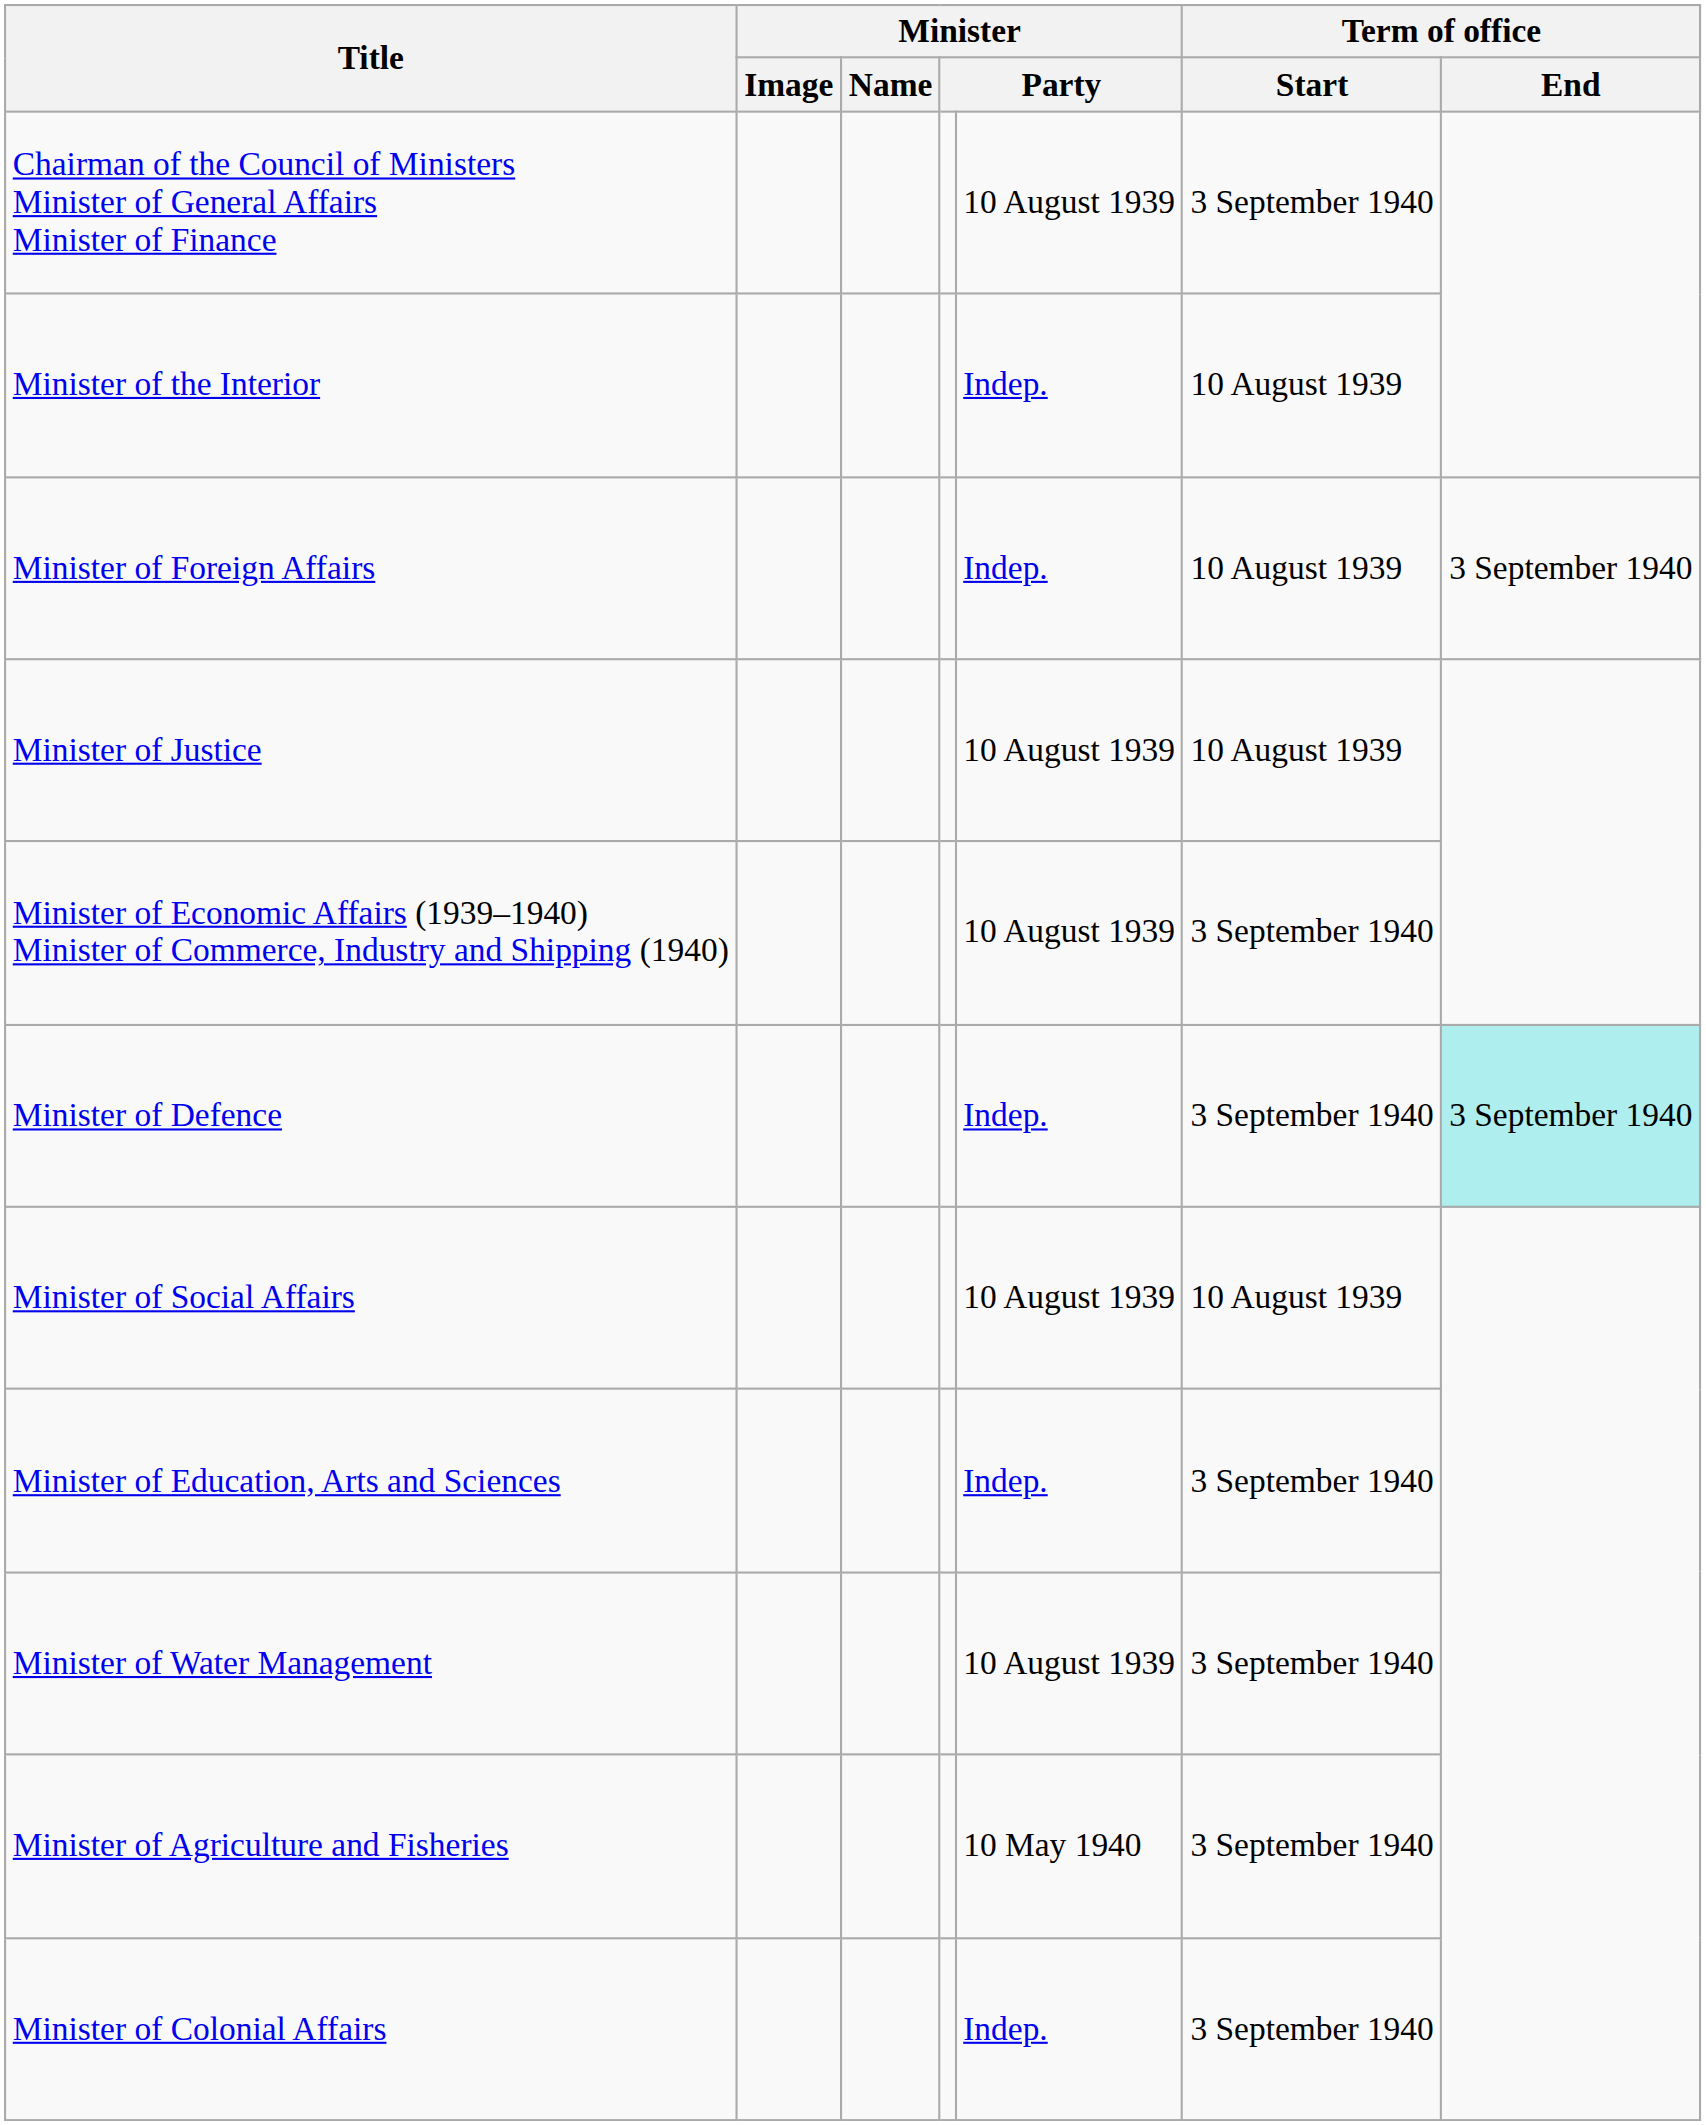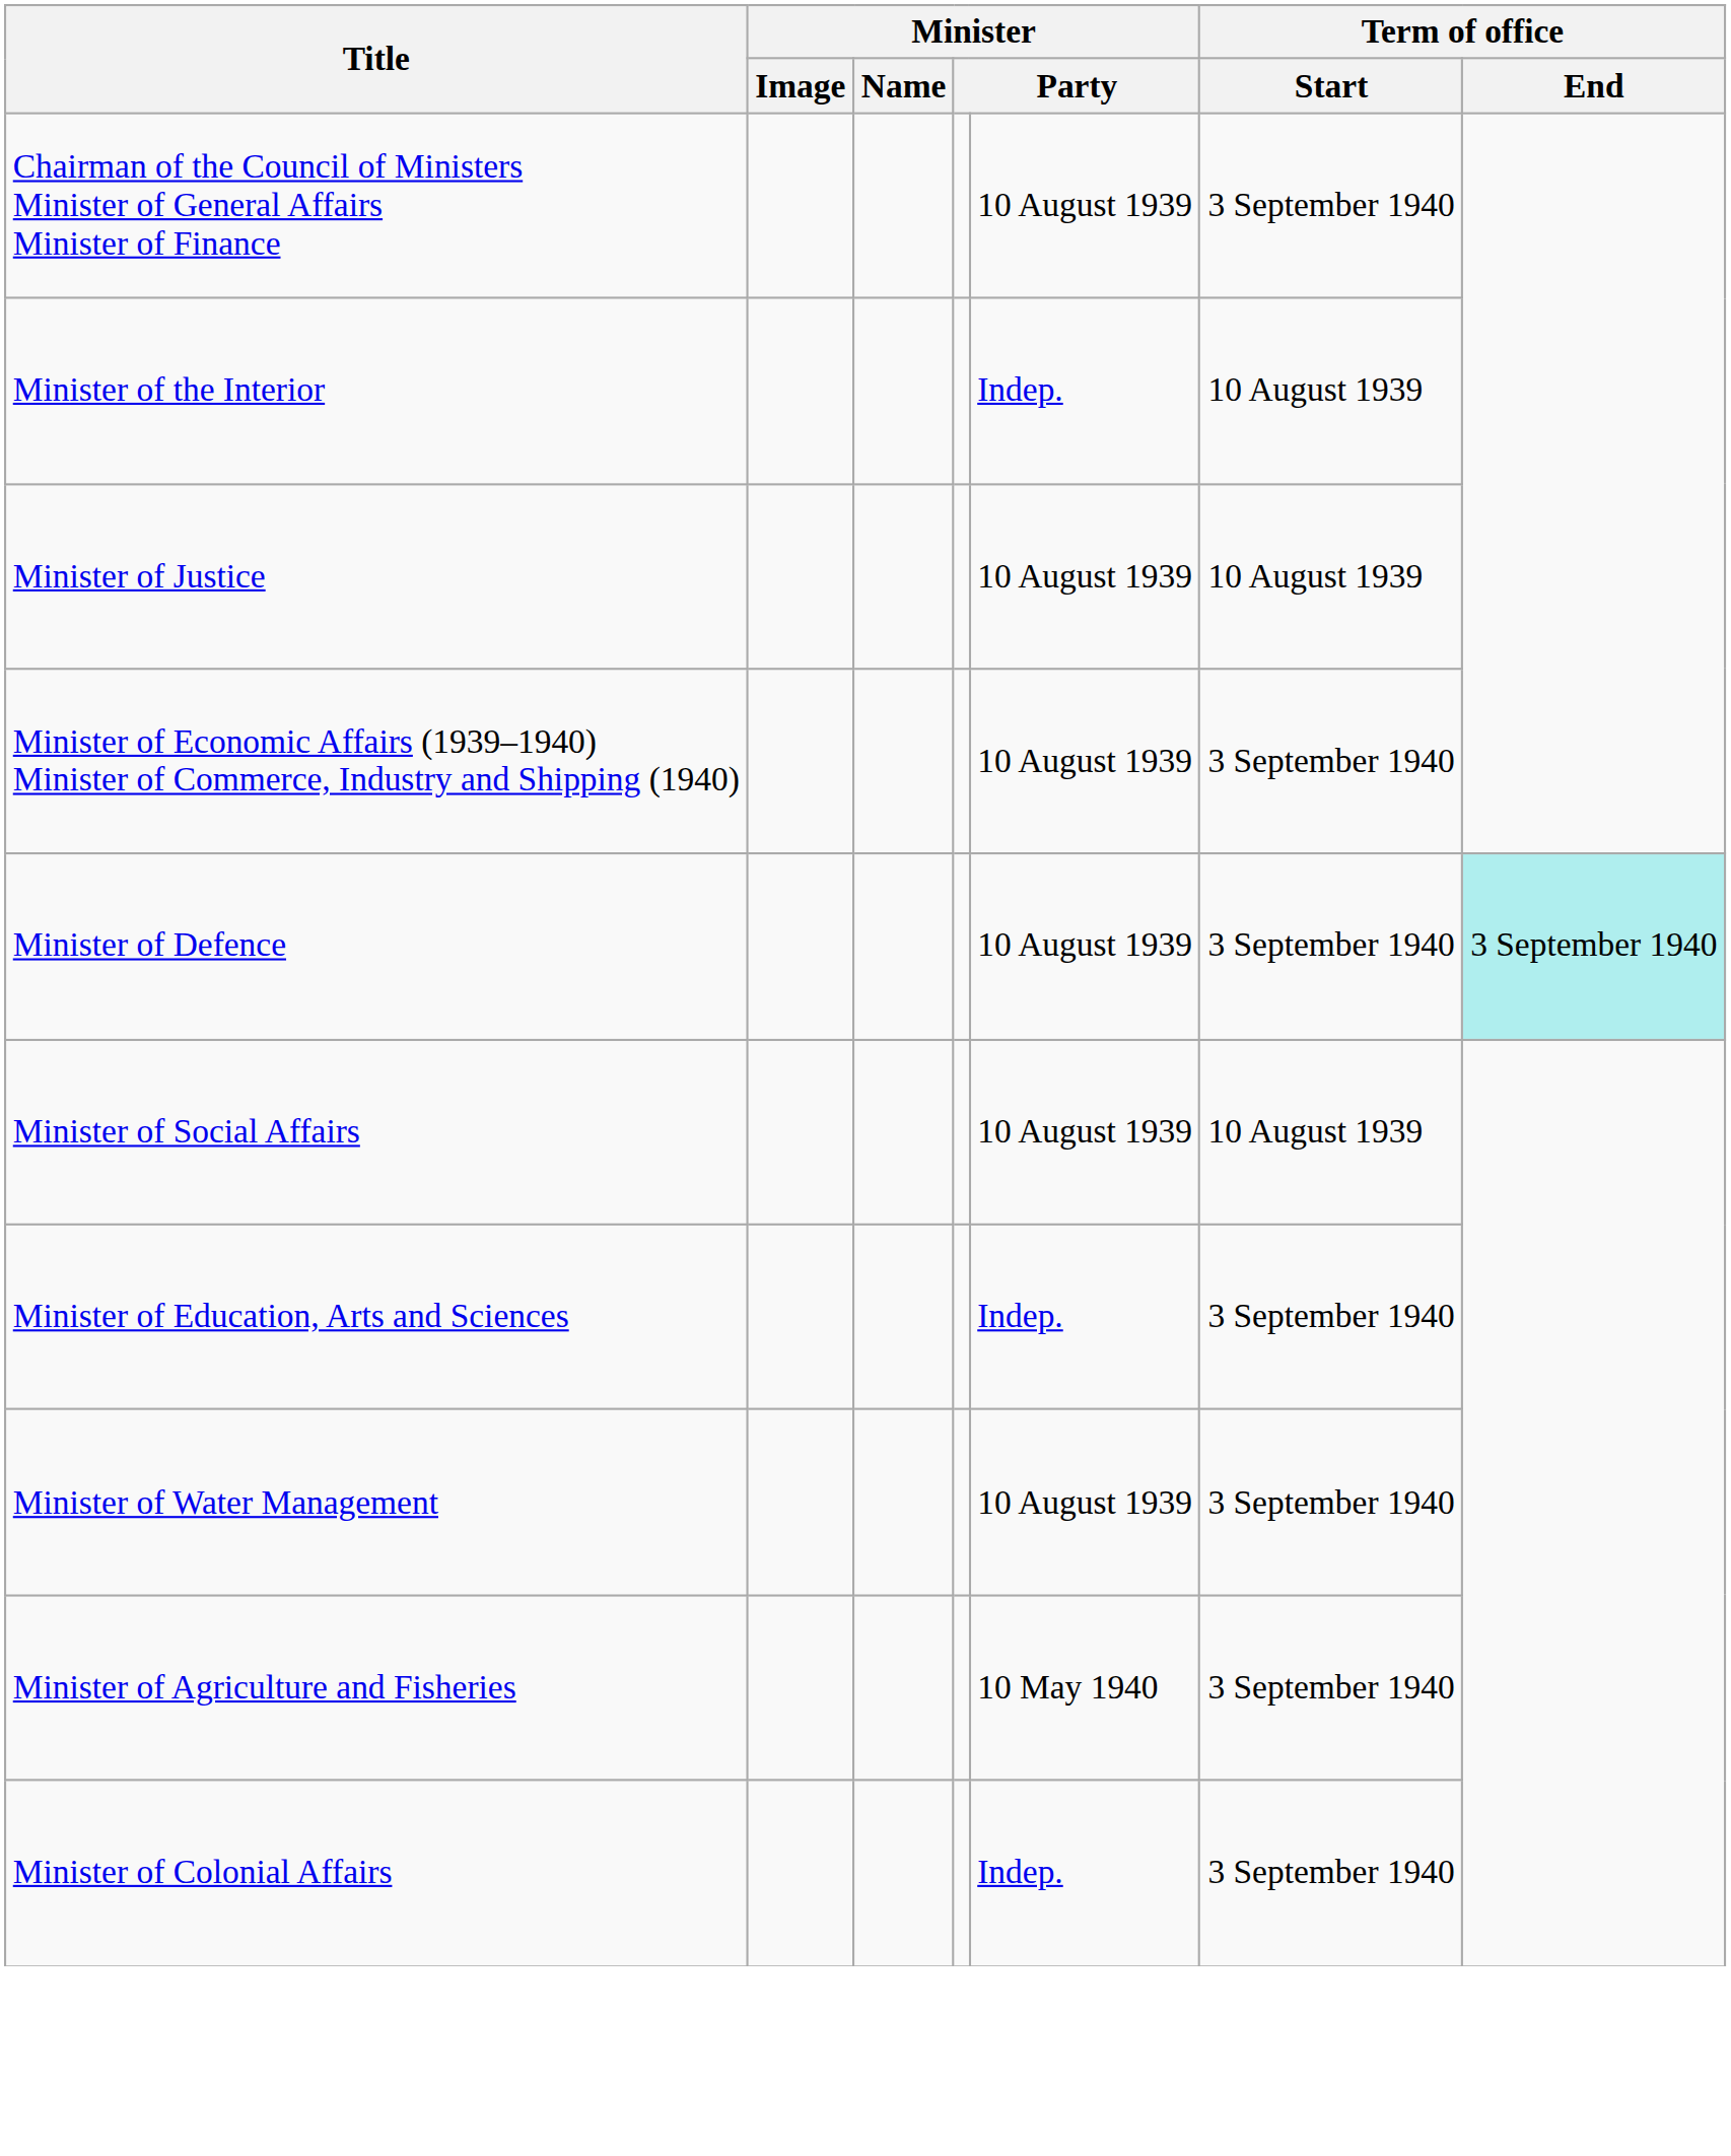 <table class="wikitable sortable" style="text-align:left">
 <tr>
 <th rowspan="2">Title</th>
 <th colspan="4">Minister</th>
 <th colspan="2">Term of office</th>
 </tr>
 <tr>
 <th class="unsortable">Image</th>
 <th>Name</th>
 <th colspan="2">Party</th>
 <th data-sort-type="date">Start</th>
 <th data-sort-type=date>End</th>
 </tr>
 <tr>
 <td><a href='#'>Chairman of the Council of Ministers</a> <br> <a href='#'>Minister of General Affairs</a> <br> <a href='#'>Minister of Finance</a></td>
 <td height="80px"></td>
 <td></td>
 <td></td>
 <td>10 August 1939</td>
 <td>3 September 1940</td>
 </tr>
 <tr>
 <td><a href='#'>Minister of the Interior</a></td>
 <td height="80px"></td>
 <td></td>
 <td></td>
 <td><a href='#'>Indep.</a></td>
 <td>10 August 1939</td>
 </tr>
 <tr>
-<td><a href='#'>Minister of Foreign Affairs</a></td>
-<td height="80px"></td>
-<td></td>
-<td style="background:"></td>
-<td><a href='#'>Indep.</a></td>
-<td>10 August 1939</td>
-<td>3 September 1940</td>
-</tr>
-<tr>
 <td><a href='#'>Minister of Justice</a></td>
 <td height="80px"></td>
 <td></td>
 <td></td>
 <td>10 August 1939</td>
 <td>10 August 1939</td>
 </tr>
 <tr>
 <td><a href='#'>Minister of Economic Affairs</a> (1939–1940) <br> <a href='#'>Minister of Commerce, Industry and Shipping</a> (1940)</td>
 <td height="80px"></td>
 <td></td>
 <td></td>
 <td>10 August 1939</td>
 <td>3 September 1940</td>
 </tr>
 <tr>
 <td><a href='#'>Minister of Defence</a></td>
 <td height="80px"></td>
 <td></td>
 <td style="background:"></td>
-<td><a href='#'>Indep.</a></td>
+<td>10 August 1939</td>
 <td>3 September 1940</td>
 <td style="background: paleturquoise;">3 September 1940</td>
 </tr>
 <tr>
 <td><a href='#'>Minister of Social Affairs</a></td>
 <td height="80px"></td>
 <td></td>
 <td></td>
 <td>10 August 1939</td>
 <td>10 August 1939</td>
 </tr>
 <tr>
 <td><a href='#'>Minister of Education, Arts and Sciences</a></td>
 <td height="80px"></td>
 <td></td>
 <td></td>
 <td><a href='#'>Indep.</a></td>
 <td>3 September 1940</td>
 </tr>
 <tr>
 <td><a href='#'>Minister of Water Management</a></td>
 <td height="80px"></td>
 <td></td>
 <td></td>
 <td>10 August 1939</td>
 <td>3 September 1940</td>
 </tr>
 <tr>
 <td><a href='#'>Minister of Agriculture and Fisheries</a></td>
 <td height="80px"></td>
 <td></td>
 <td></td>
 <td>10 May 1940</td>
 <td>3 September 1940</td>
 </tr>
 <tr>
 <td><a href='#'>Minister of Colonial Affairs</a></td>
 <td height="80px"></td>
 <td></td>
 <td></td>
 <td><a href='#'>Indep.</a></td>
 <td>3 September 1940</td>
 </tr>
 </table>
